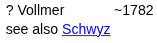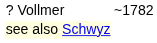 <table>
 <tr>
 <td>? Vollmer</td>
 <td>~1782</td>
 </tr>
 <tr>
-<td>see also <a href='#'>Schwyz</a></td>
+<td style="background: lightyellow;">see also <a href='#'>Schwyz</a></td>
 </tr>
 </table>
